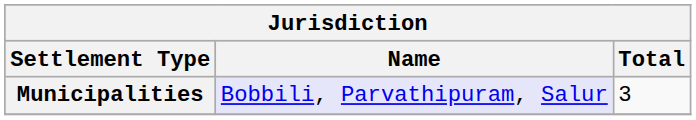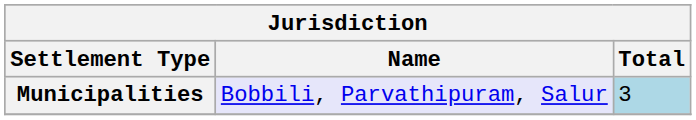 <table class="wikitable" style="width:200pt,">
 <tr>
 <th colspan="3" style="text-align: center,">Jurisdiction</th>
 </tr>
 <tr>
 <th style="text-align: center,">Settlement Type</th>
 <th style="text-align: center,">Name</th>
 <th style="text-align: center,">Total</th>
 </tr>
 <tr>
 <th>Municipalities</th>
 <td style="background: lavender;"><a href='#'>Bobbili</a>, <a href='#'>Parvathipuram</a>, <a href='#'>Salur</a></td>
-<td>3</td>
+<td style="background: lightblue;">3</td>
 </tr>
 <tr>
 </tr>
 </table>
